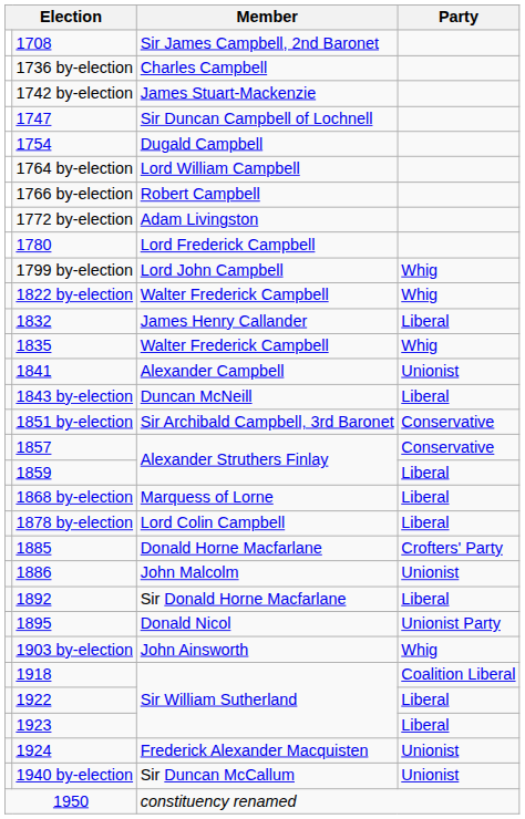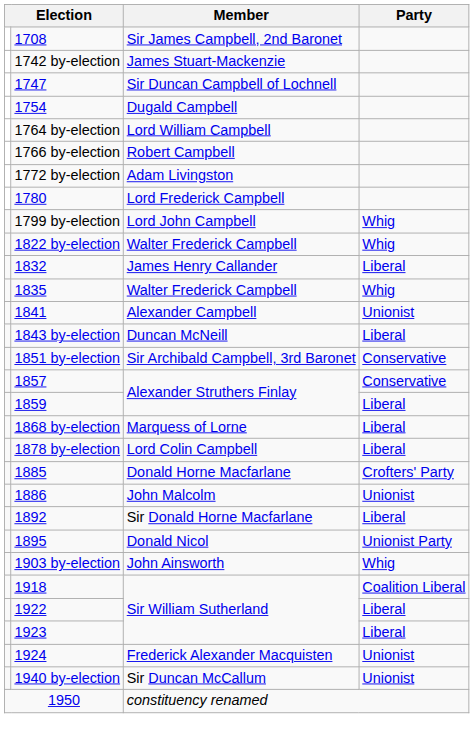 <table class="wikitable">
 <tr>
 <th colspan="2">Election</th>
 <th>Member </th>
 <th>Party</th>
 </tr>
 <tr>
 <td style="color:inherit;background-color: white"></td>
 <td><a href='#'>1708</a></td>
 <td><a href='#'>Sir James Campbell, 2nd Baronet</a></td>
-<td></td>
-</tr>
-<tr>
-<td style="color:inherit;background-color: white"></td>
-<td>1736 by-election</td>
-<td><a href='#'>Charles Campbell</a></td>
 <td></td>
 </tr>
 <tr>
 <td style="color:inherit;background-color: white"></td>
 <td>1742 by-election</td>
 <td><a href='#'>James Stuart-Mackenzie</a></td>
 <td></td>
 </tr>
 <tr>
 <td style="color:inherit;background-color: white"></td>
 <td><a href='#'>1747</a></td>
 <td><a href='#'>Sir Duncan Campbell of Lochnell</a></td>
 <td></td>
 </tr>
 <tr>
 <td style="color:inherit;background-color: white"></td>
 <td><a href='#'>1754</a></td>
 <td><a href='#'>Dugald Campbell</a></td>
 <td></td>
 </tr>
 <tr>
 <td style="color:inherit;background-color: white"></td>
 <td>1764 by-election</td>
 <td><a href='#'>Lord William Campbell</a></td>
 <td></td>
 </tr>
 <tr>
 <td style="color:inherit;background-color: white"></td>
 <td>1766 by-election</td>
 <td><a href='#'>Robert Campbell</a></td>
 <td></td>
 </tr>
 <tr>
 <td style="color:inherit;background-color: white"></td>
 <td>1772 by-election</td>
 <td><a href='#'>Adam Livingston</a></td>
 <td></td>
 </tr>
 <tr>
 <td style="color:inherit;background-color: white"></td>
 <td><a href='#'>1780</a></td>
 <td><a href='#'>Lord Frederick Campbell</a></td>
 <td></td>
 </tr>
 <tr>
 <td style="color:inherit;background-color: "></td>
 <td>1799 by-election</td>
 <td><a href='#'>Lord John Campbell</a></td>
 <td><a href='#'>Whig</a></td>
 </tr>
 <tr>
 <td style="color:inherit;background-color: "></td>
 <td><a href='#'>1822 by-election</a></td>
 <td><a href='#'>Walter Frederick Campbell</a></td>
 <td><a href='#'>Whig</a></td>
 </tr>
 <tr>
 <td style="color:inherit;background-color: "></td>
 <td><a href='#'>1832</a></td>
 <td><a href='#'>James Henry Callander</a></td>
 <td><a href='#'>Liberal</a></td>
 </tr>
 <tr>
 <td style="color:inherit;background-color: "></td>
 <td><a href='#'>1835</a></td>
 <td><a href='#'>Walter Frederick Campbell</a></td>
 <td><a href='#'>Whig</a></td>
 </tr>
 <tr>
 <td style="color:inherit;background-color: "></td>
 <td><a href='#'>1841</a></td>
 <td><a href='#'>Alexander Campbell</a></td>
 <td><a href='#'>Unionist</a></td>
 </tr>
 <tr>
 <td style="color:inherit;background-color: "></td>
 <td><a href='#'>1843 by-election</a></td>
 <td><a href='#'>Duncan McNeill</a></td>
 <td><a href='#'>Liberal</a></td>
 </tr>
 <tr>
 <td style="color:inherit;background-color: "></td>
 <td><a href='#'>1851 by-election</a></td>
 <td><a href='#'>Sir Archibald Campbell, 3rd Baronet</a></td>
 <td><a href='#'>Conservative</a></td>
 </tr>
 <tr>
 <td style="color:inherit;background-color: "></td>
 <td><a href='#'>1857</a></td>
 <td rowspan="2"><a href='#'>Alexander Struthers Finlay</a></td>
 <td><a href='#'>Conservative</a></td>
 </tr>
 <tr>
 <td style="color:inherit;background-color: "></td>
 <td><a href='#'>1859</a></td>
 <td><a href='#'>Liberal</a></td>
 </tr>
 <tr>
 <td style="color:inherit;background-color: "></td>
 <td><a href='#'>1868 by-election</a></td>
 <td><a href='#'>Marquess of Lorne</a></td>
 <td><a href='#'>Liberal</a></td>
 </tr>
 <tr>
 <td style="color:inherit;background-color: "></td>
 <td><a href='#'>1878 by-election</a></td>
 <td><a href='#'>Lord Colin Campbell</a></td>
 <td><a href='#'>Liberal</a></td>
 </tr>
 <tr>
 <td style="color:inherit;background-color: "></td>
 <td><a href='#'>1885</a></td>
 <td><a href='#'>Donald Horne Macfarlane</a></td>
 <td><a href='#'>Crofters' Party</a></td>
 </tr>
 <tr>
 <td style="color:inherit;background-color: "></td>
 <td><a href='#'>1886</a></td>
 <td><a href='#'>John Malcolm</a></td>
 <td><a href='#'>Unionist</a></td>
 </tr>
 <tr>
 <td style="color:inherit;background-color: "></td>
 <td><a href='#'>1892</a></td>
 <td>Sir <a href='#'>Donald Horne Macfarlane</a></td>
 <td><a href='#'>Liberal</a></td>
 </tr>
 <tr>
 <td style="color:inherit;background-color: "></td>
 <td><a href='#'>1895</a></td>
 <td><a href='#'>Donald Nicol</a></td>
 <td><a href='#'>Unionist Party</a></td>
 </tr>
 <tr>
 <td style="color:inherit;background-color: "></td>
 <td><a href='#'>1903 by-election</a></td>
 <td><a href='#'>John Ainsworth</a></td>
 <td><a href='#'>Whig</a></td>
 </tr>
 <tr>
 <td style="color:inherit;background-color: "></td>
 <td><a href='#'>1918</a></td>
 <td rowspan=3><a href='#'>Sir William Sutherland</a></td>
 <td><a href='#'>Coalition Liberal</a></td>
 </tr>
 <tr>
 <td style="color:inherit;background-color: "></td>
 <td><a href='#'>1922</a></td>
 <td><a href='#'>Liberal</a></td>
 </tr>
 <tr>
 <td style="color:inherit;background-color: "></td>
 <td><a href='#'>1923</a></td>
 <td><a href='#'>Liberal</a></td>
 </tr>
 <tr>
 <td style="color:inherit;background-color: "></td>
 <td><a href='#'>1924</a></td>
 <td><a href='#'>Frederick Alexander Macquisten</a></td>
 <td><a href='#'>Unionist</a></td>
 </tr>
 <tr>
 <td style="color:inherit;background-color: "></td>
 <td><a href='#'>1940 by-election</a></td>
 <td>Sir <a href='#'>Duncan McCallum</a></td>
 <td><a href='#'>Unionist</a></td>
 </tr>
 <tr>
 <td colspan="2" align="center"><a href='#'>1950</a></td>
 <td colspan="2"><em>constituency renamed</em></td>
 </tr>
 </table>
